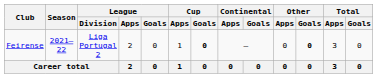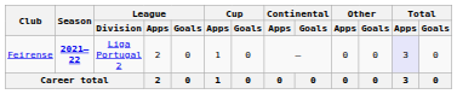 <table class="wikitable" style="text-align: center">
 <tr>
 <th rowspan="2">Club</th>
 <th rowspan="2">Season</th>
 <th colspan="3">League</th>
 <th colspan="2">Cup</th>
 <th colspan="2">Continental</th>
 <th colspan="2">Other</th>
 <th colspan="2">Total</th>
 </tr>
 <tr>
 <th>Division</th>
 <th>Apps</th>
 <th>Goals</th>
 <th>Apps</th>
 <th>Goals</th>
 <th>Apps</th>
 <th>Goals</th>
 <th>Apps</th>
 <th>Goals</th>
 <th>Apps</th>
 <th>Goals</th>
 </tr>
 <tr>
 <td><a href='#'>Feirense</a></td>
-<td><a href='#'>2021–22</a></td>
+<td><strong><a href='#'>2021–22</a></strong></td>
 <td><a href='#'>Liga Portugal 2</a></td>
 <td>2</td>
 <td>0</td>
 <td>1</td>
-<td><strong>0</strong></td>
+<td>0</td>
 <td colspan="2">–</td>
 <td>0</td>
-<td><strong>0</strong></td>
-<td>3</td>
+<td>0</td>
+<td style="background: lavender;">3</td>
 <td>0</td>
 </tr>
 <tr>
 <th colspan="3"><strong>Career total</strong></th>
 <th>2</th>
 <th>0</th>
 <th>1</th>
 <th>0</th>
 <th>0</th>
 <th>0</th>
 <th>0</th>
 <th>0</th>
 <th>3</th>
 <th>0</th>
 </tr>
 </table>
